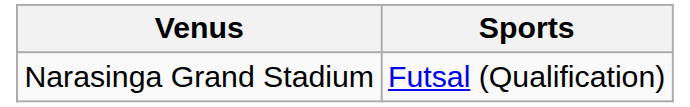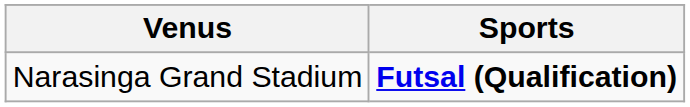 <table class="wikitable" style="margin-left:auto;margin-right:auto">
 <tr>
 <th>Venus</th>
 <th>Sports</th>
 </tr>
 <tr>
 <td>Narasinga Grand Stadium</td>
-<td><a href='#'>Futsal</a> (Qualification)</td>
+<td><strong><a href='#'>Futsal</a> (Qualification)</strong></td>
 </tr>
 </table>
